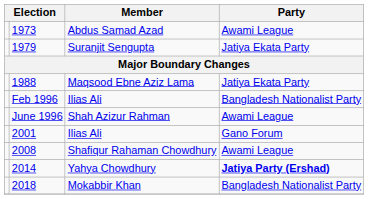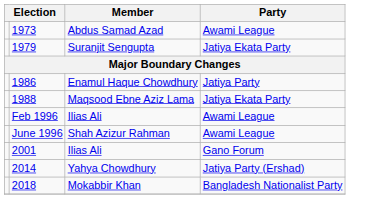 <table class="wikitable">
 <tr>
 <th colspan="2">Election</th>
 <th>Member</th>
 <th>Party</th>
 </tr>
 <tr>
 <td style="background-color:"></td>
 <td><a href='#'>1973</a></td>
 <td><a href='#'>Abdus Samad Azad</a></td>
 <td><a href='#'>Awami League</a></td>
 </tr>
 <tr>
 <td></td>
 <td><a href='#'>1979</a></td>
 <td><a href='#'>Suranjit Sengupta</a></td>
 <td><a href='#'>Jatiya Ekata Party</a></td>
 </tr>
 <tr>
 <th colspan="4">Major Boundary Changes</th>
 </tr>
 <tr>
 <td style="background-color:"></td>
+<td><a href='#'>1986</a></td>
+<td><a href='#'>Enamul Haque Chowdhury</a></td>
+<td><a href='#'>Jatiya Party</a></td>
+</tr>
+<tr>
+<td style="background-color:"></td>
 <td><a href='#'>1988</a></td>
 <td><a href='#'>Maqsood Ebne Aziz Lama</a></td>
 <td><a href='#'>Jatiya Ekata Party</a></td>
 </tr>
 <tr>
 <td style="background-color:"></td>
 <td><a href='#'>Feb 1996</a></td>
 <td><a href='#'>Ilias Ali</a></td>
-<td><a href='#'>Bangladesh Nationalist Party</a></td>
+<td><a href='#'>Awami League</a></td>
 </tr>
 <tr>
 <td style="background-color:"></td>
 <td><a href='#'>June 1996</a></td>
 <td><a href='#'>Shah Azizur Rahman</a></td>
 <td><a href='#'>Awami League</a></td>
 </tr>
 <tr>
 <td style="background-color:"></td>
 <td><a href='#'>2001</a></td>
 <td><a href='#'>Ilias Ali</a></td>
 <td><a href='#'>Gano Forum</a></td>
 </tr>
 <tr>
 <td style="background-color:"></td>
-<td><a href='#'>2008</a></td>
-<td><a href='#'>Shafiqur Rahaman Chowdhury</a></td>
-<td><a href='#'>Awami League</a></td>
-</tr>
-<tr>
-<td style="background-color:"></td>
 <td><a href='#'>2014</a></td>
 <td><a href='#'>Yahya Chowdhury</a></td>
-<td><strong><a href='#'>Jatiya Party (Ershad)</a></strong></td>
+<td><a href='#'>Jatiya Party (Ershad)</a></td>
 </tr>
 <tr>
 <td style="background-color:"></td>
 <td><a href='#'>2018</a></td>
 <td><a href='#'>Mokabbir Khan</a></td>
 <td><a href='#'>Bangladesh Nationalist Party</a></td>
 </tr>
 <tr>
 </tr>
 </table>
